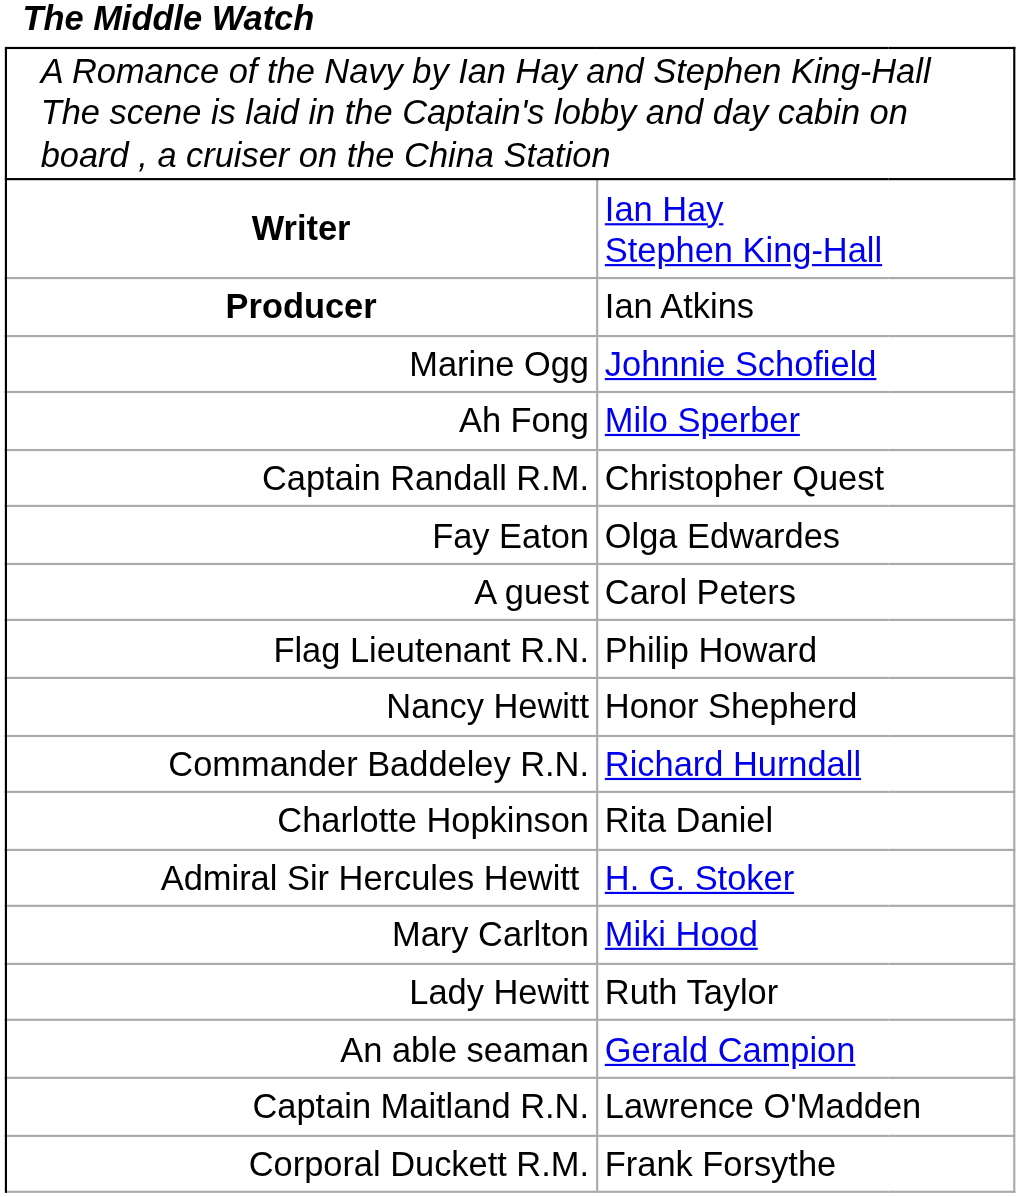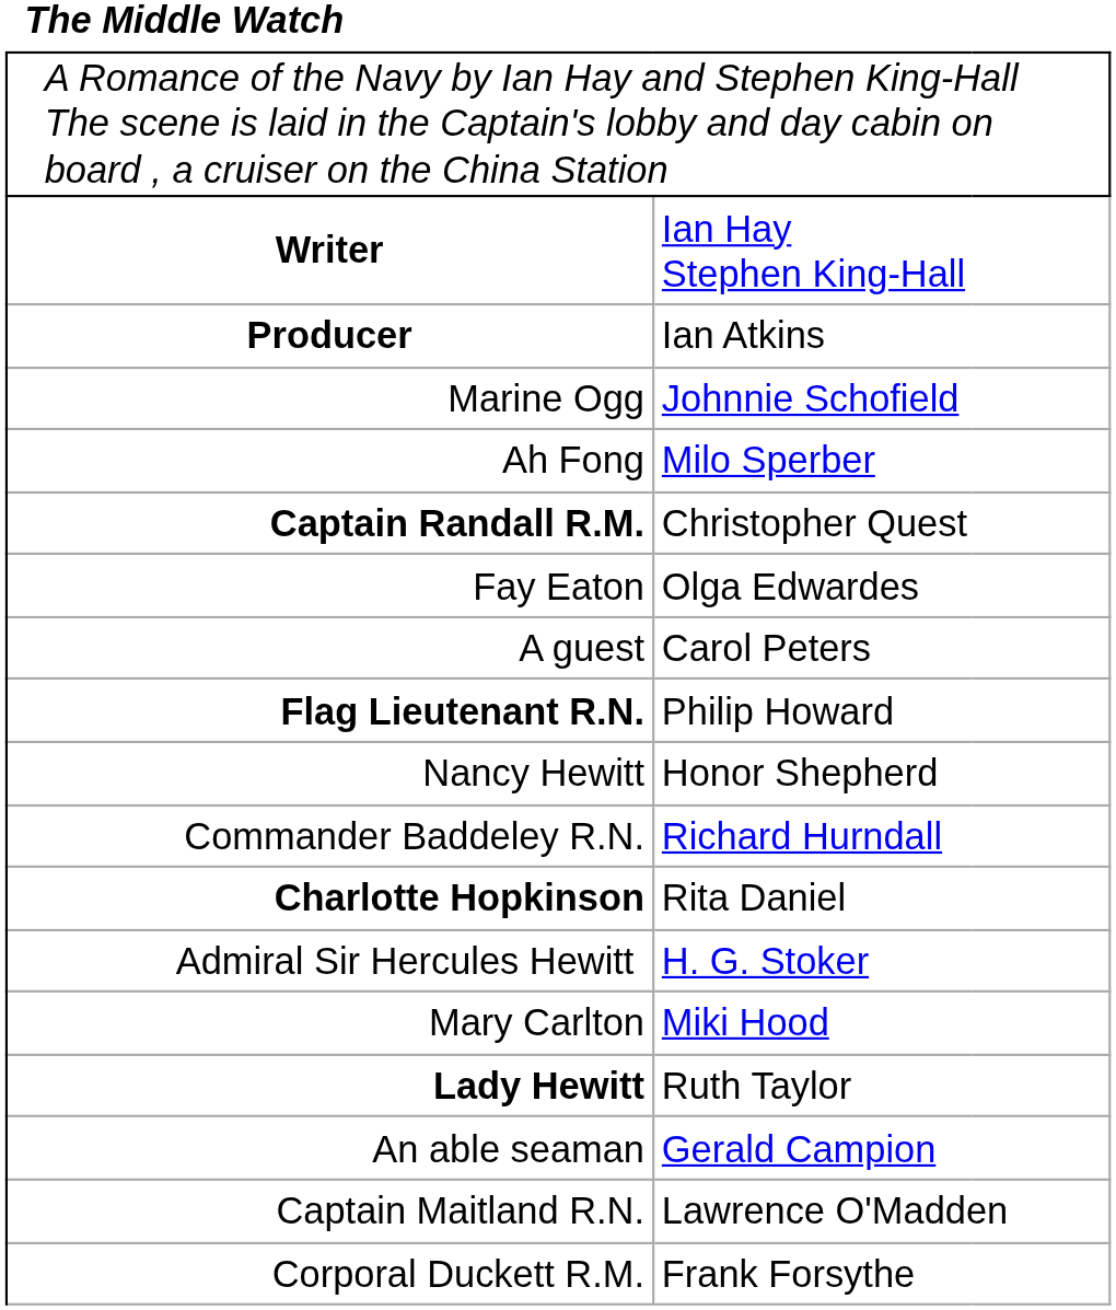 <table class="wikitable mw-collapsible mw-collapsed" style="vertical-align:top;margin:auto 2em;line-height:1.2;max-width:33em;background-color:inherit;border:none;">
 <tr>
 <td class=unsortable style="border:hidden;line-height:1.67;margin-left:-1em;text-align:center;padding-left:0.5em;min-width:1.0em;"></td>
 <td class=unsortable style="border-style:none;padding-left:0.5em;text-align:left;min-width:16.5em;font-weight:700;font-style:italic;">The Middle Watch</td>
 <td class=unsortable style="border:none;text-align:right;font-weight:normal; font-size:95%; min-width:8.5em;padding-right:0.2em;"></td>
 <td class=unsortable style="border:none;min-width:3.5em;padding-left:0;"></td>
 <td class=unsortable style="border:hidden;min-width:3.5em;font-size:95%;"></td>
 </tr>
 <tr>
 <td rowspan=100 style="border:none thin;border-right-style :solid;"></td>
 <td colspan=3 style="text-align:left;padding:0.1em 1em;font-style:italic;border: solid thin;">A Romance of the Navy by Ian Hay and Stephen King-Hall<br> The scene is laid in the Captain's lobby and day cabin on board , a cruiser on the China Station</td>
 </tr>
 <tr>
 <td style="text-align:center;font-weight:bold;">Writer</td>
 <td colspan=2><a href='#'>Ian Hay</a><br><a href='#'>Stephen King-Hall</a></td>
 </tr>
 <tr>
 <td style="text-align:center;font-weight:bold;">Producer</td>
 <td colspan=2>Ian Atkins</td>
 </tr>
 <tr>
 <td style="text-align:right;">Marine Ogg</td>
 <td colspan=2><a href='#'>Johnnie Schofield</a></td>
 </tr>
 <tr>
 <td style="text-align:right;">Ah Fong</td>
 <td colspan=2><a href='#'>Milo Sperber</a></td>
 </tr>
 <tr>
-<td style="text-align:right;">Captain Randall R.M.</td>
+<td style="text-align:right;"><strong>Captain Randall R.M.</strong></td>
 <td colspan=2>Christopher Quest</td>
 </tr>
 <tr>
 <td style="text-align:right;">Fay Eaton</td>
 <td colspan=2>Olga Edwardes</td>
 </tr>
 <tr>
 <td style="text-align:right;">A guest</td>
 <td colspan=2>Carol Peters</td>
 </tr>
 <tr>
-<td style="text-align:right;">Flag Lieutenant R.N.</td>
+<td style="text-align:right;"><strong>Flag Lieutenant R.N.</strong></td>
 <td colspan=2>Philip Howard</td>
 </tr>
 <tr>
 <td style="text-align:right;">Nancy Hewitt</td>
 <td colspan=2>Honor Shepherd</td>
 </tr>
 <tr>
 <td style="text-align:right;">Commander Baddeley R.N.</td>
 <td colspan=2><a href='#'>Richard Hurndall</a></td>
 </tr>
 <tr>
-<td style="text-align:right;">Charlotte Hopkinson</td>
+<td style="text-align:right;"><strong>Charlotte Hopkinson</strong></td>
 <td colspan=2>Rita Daniel</td>
 </tr>
 <tr>
 <td style="text-align:right;">Admiral Sir Hercules Hewitt </td>
 <td colspan=2><a href='#'>H. G. Stoker</a></td>
 </tr>
 <tr>
 <td style="text-align:right;">Mary Carlton</td>
 <td colspan=2><a href='#'>Miki Hood</a></td>
 </tr>
 <tr>
-<td style="text-align:right;">Lady Hewitt</td>
+<td style="text-align:right;"><strong>Lady Hewitt</strong></td>
 <td colspan=2>Ruth Taylor</td>
 </tr>
 <tr>
 <td style="text-align:right;">An able seaman</td>
 <td colspan=2><a href='#'>Gerald Campion</a></td>
 </tr>
 <tr>
 <td style="text-align:right;">Captain Maitland R.N.</td>
 <td colspan=2>Lawrence O'Madden</td>
 </tr>
 <tr>
 <td style="text-align:right;">Corporal Duckett R.M.</td>
 <td colspan=2>Frank Forsythe</td>
 </tr>
 </table>
